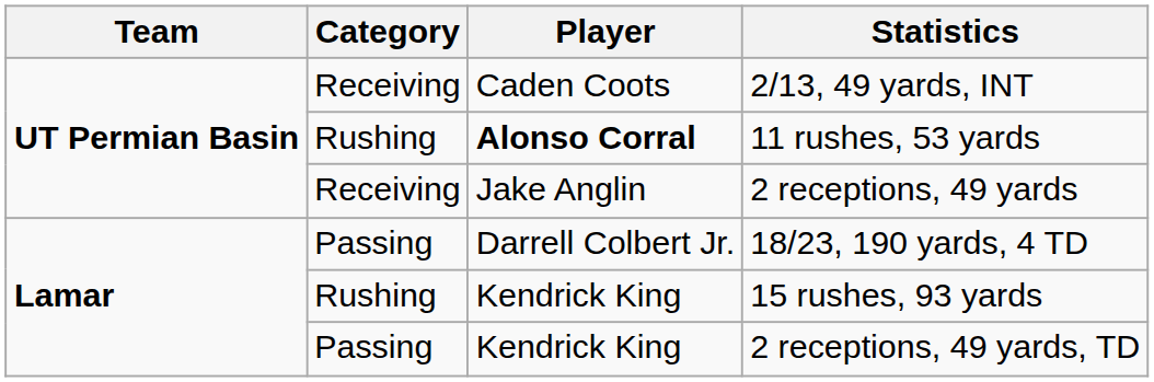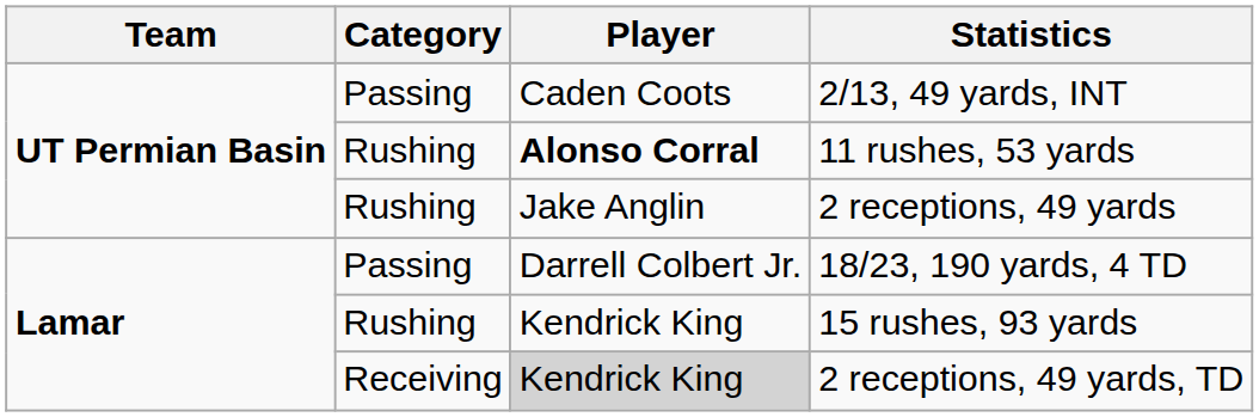 <table class="wikitable" style="float: right;">
 <tr>
 <th>Team</th>
 <th>Category</th>
 <th>Player</th>
 <th>Statistics</th>
 </tr>
 <tr>
 <td rowspan=3><strong>UT Permian Basin</strong></td>
-<td>Receiving</td>
+<td>Passing</td>
 <td>Caden Coots</td>
 <td>2/13, 49 yards, INT</td>
 </tr>
 <tr>
 <td>Rushing</td>
 <td><strong>Alonso Corral</strong></td>
 <td>11 rushes, 53 yards</td>
 </tr>
 <tr>
-<td>Receiving</td>
+<td>Rushing</td>
 <td>Jake Anglin</td>
 <td>2 receptions, 49 yards</td>
 </tr>
 <tr>
 <td rowspan=3><strong>Lamar</strong></td>
 <td>Passing</td>
 <td>Darrell Colbert Jr.</td>
 <td>18/23, 190 yards, 4 TD</td>
 </tr>
 <tr>
 <td>Rushing</td>
 <td>Kendrick King</td>
 <td>15 rushes, 93 yards</td>
 </tr>
 <tr>
-<td>Passing</td>
-<td>Kendrick King</td>
+<td>Receiving</td>
+<td style="background: lightgrey;">Kendrick King</td>
 <td>2 receptions, 49 yards, TD</td>
 </tr>
 </table>
